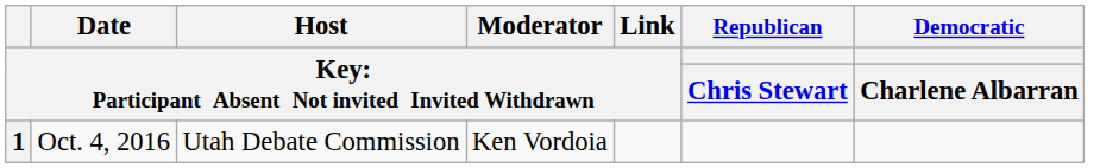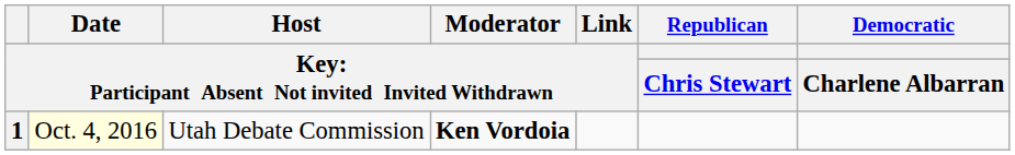 <table class="wikitable" style="text-align:center;">
 <tr>
 <th scope="col"></th>
 <th scope="col">Date</th>
 <th scope="col">Host</th>
 <th scope="col">Moderator</th>
 <th scope="col">Link</th>
 <th scope="col"><small><a href='#'>Republican</a></small></th>
 <th scope="col"><small><a href='#'>Democratic</a></small></th>
 </tr>
 <tr>
 <th colspan="5" rowspan="2">Key:<br> <small>Participant </small>  <small>Absent </small>  <small>Not invited </small>  <small>Invited  Withdrawn</small></th>
 <th scope="col" style="background:"></th>
 <th scope="col" style="background:"></th>
 </tr>
 <tr>
 <th scope="col"><a href='#'>Chris Stewart</a></th>
 <th scope="col">Charlene Albarran</th>
 </tr>
 <tr>
 <th>1</th>
-<td style="white-space:nowrap;">Oct. 4, 2016</td>
+<td style="background: lightyellow; white-space:nowrap;">Oct. 4, 2016</td>
 <td style="white-space:nowrap;">Utah Debate Commission</td>
-<td style="white-space:nowrap;">Ken Vordoia</td>
+<td style="white-space:nowrap;"><strong>Ken Vordoia</strong></td>
 <td style="white-space:nowrap;"></td>
 <td></td>
 <td></td>
 </tr>
 </table>
